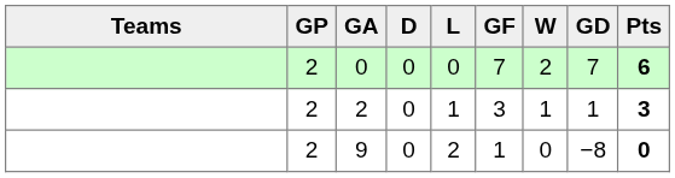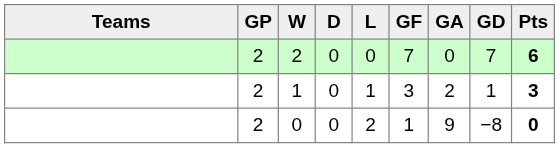 <table style=border-collapse:collapse border=1 cellspacing=0 cellpadding=5>
 <tr align=center bgcolor=#efefef>
 <th width=185>Teams</th>
 <th width=20>GP</th>
-<th width=20>GA</th>
+<th width=20>W</th>
 <th width=20>D</th>
 <th width=20>L</th>
 <th width=20>GF</th>
-<th width=20>W</th>
+<th width=20>GA</th>
 <th width=20>GD</th>
 <th width=20>Pts</th>
 </tr>
 <tr align=center style="background:#ccffcc;">
 <td style="text-align:left;"></td>
 <td>2</td>
-<td>0</td>
+<td>2</td>
 <td>0</td>
 <td>0</td>
 <td>7</td>
-<td>2</td>
+<td>0</td>
 <td>7</td>
 <td><strong>6</strong></td>
 </tr>
 <tr align=center>
 <td style="text-align:left;"></td>
 <td>2</td>
-<td>2</td>
+<td>1</td>
 <td>0</td>
 <td>1</td>
 <td>3</td>
-<td>1</td>
+<td>2</td>
 <td>1</td>
 <td><strong>3</strong></td>
 </tr>
 <tr align=center>
 <td style="text-align:left;"></td>
 <td>2</td>
-<td>9</td>
+<td>0</td>
 <td>0</td>
 <td>2</td>
 <td>1</td>
-<td>0</td>
+<td>9</td>
 <td>−8</td>
 <td><strong>0</strong></td>
 </tr>
 </table>
